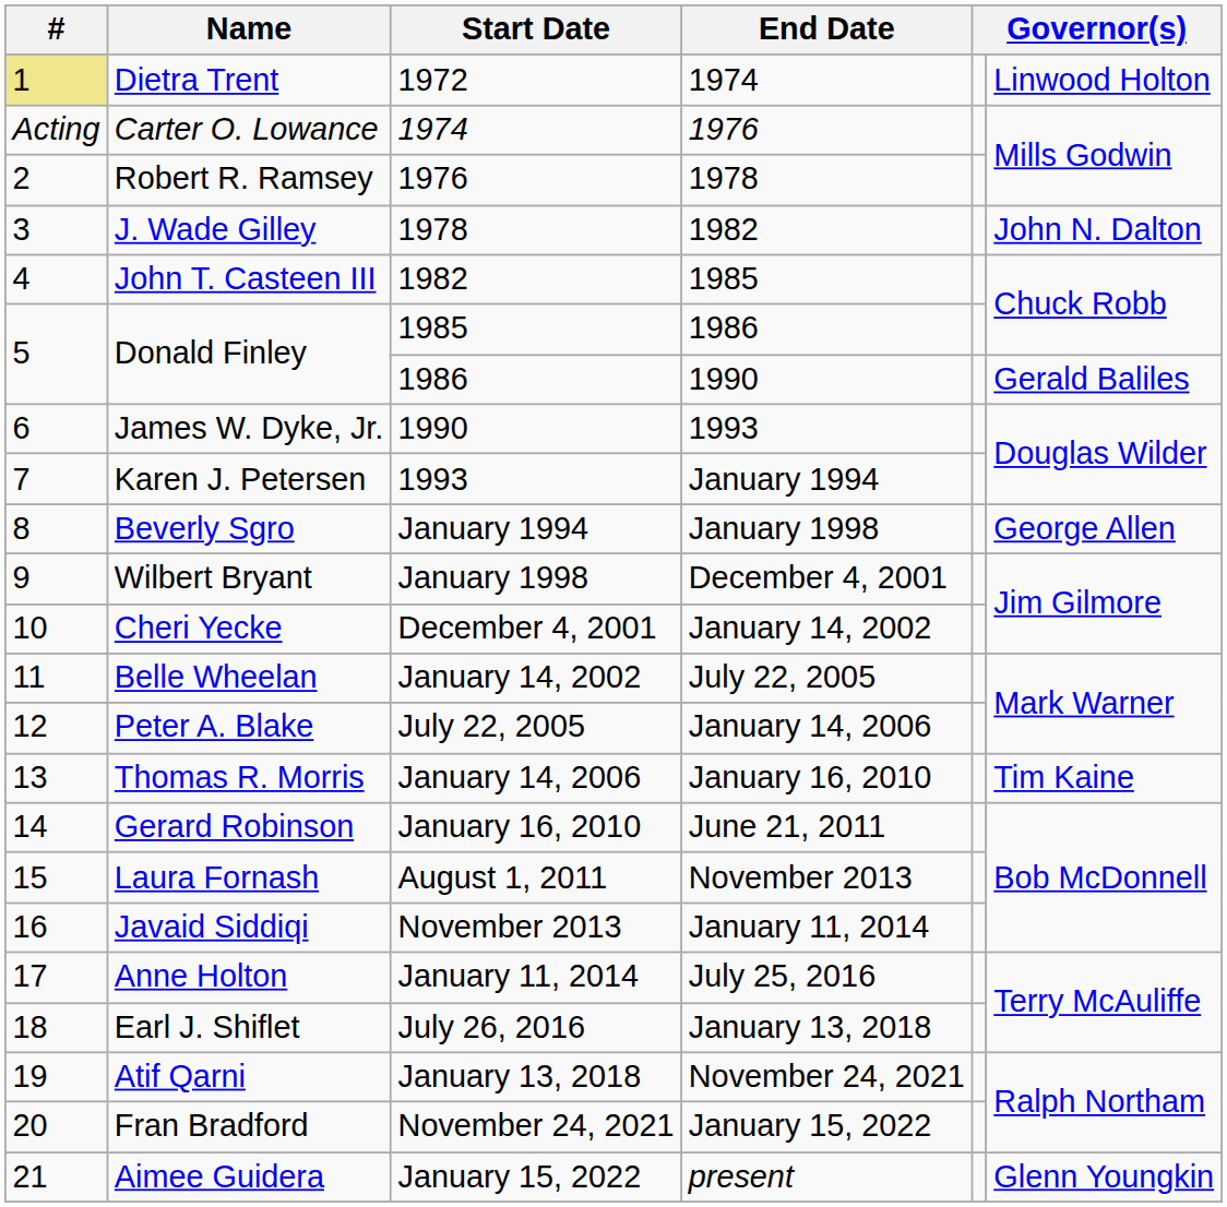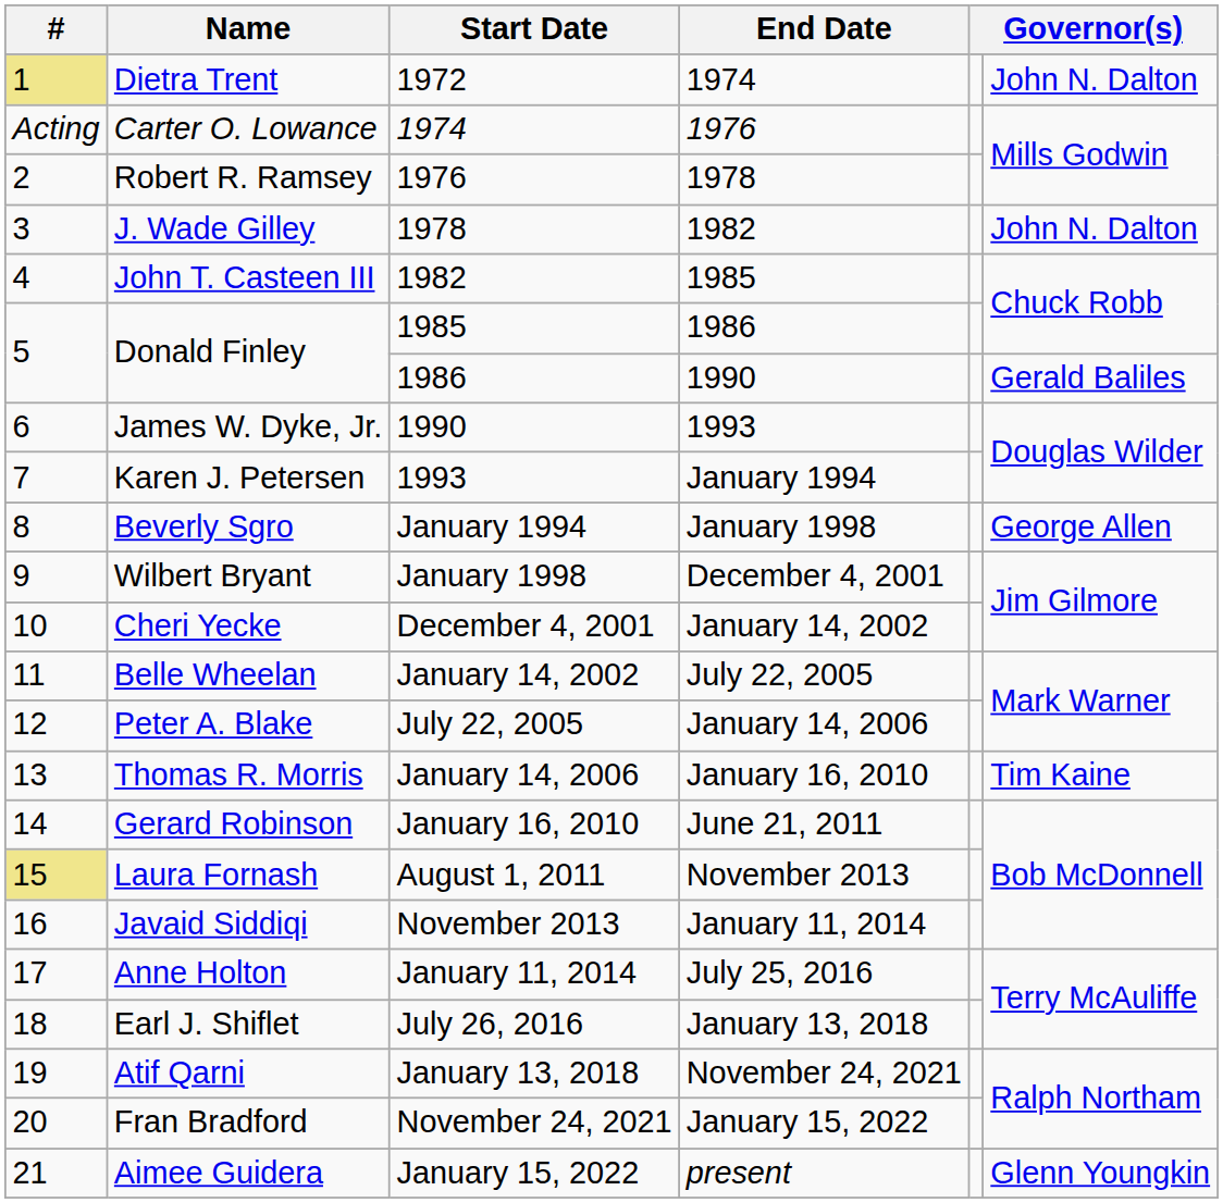 <table class="wikitable">
 <tr>
 <th>#</th>
 <th>Name</th>
 <th>Start Date</th>
 <th>End Date</th>
 <th colspan="2"><a href='#'>Governor(s)</a></th>
 </tr>
 <tr>
 <td style="background: khaki;">1</td>
 <td><a href='#'>Dietra Trent</a></td>
 <td>1972</td>
 <td>1974</td>
 <td style="background: "></td>
-<td><a href='#'>Linwood Holton</a></td>
+<td><a href='#'>John N. Dalton</a></td>
 </tr>
 <tr>
 <td><em>Acting</em></td>
 <td><em>Carter O. Lowance</em></td>
 <td><em>1974</em></td>
 <td><em>1976</em></td>
 <td style="background: "></td>
 <td rowspan="2"><a href='#'>Mills Godwin</a></td>
 </tr>
 <tr>
 <td>2</td>
 <td>Robert R. Ramsey</td>
 <td>1976</td>
 <td>1978</td>
 <td style="background: "></td>
 </tr>
 <tr>
 <td>3</td>
 <td><a href='#'>J. Wade Gilley</a></td>
 <td>1978</td>
 <td>1982</td>
 <td style="background: "></td>
 <td><a href='#'>John N. Dalton</a></td>
 </tr>
 <tr>
 <td>4</td>
 <td><a href='#'>John T. Casteen III</a></td>
 <td>1982</td>
 <td>1985</td>
 <td style="background: "></td>
 <td rowspan="2"><a href='#'>Chuck Robb</a></td>
 </tr>
 <tr>
 <td rowspan="2">5</td>
 <td rowspan="2">Donald Finley</td>
 <td>1985</td>
 <td>1986</td>
 <td style="background: "></td>
 </tr>
 <tr>
 <td>1986</td>
 <td>1990</td>
 <td style="background: "></td>
 <td><a href='#'>Gerald Baliles</a></td>
 </tr>
 <tr>
 <td>6</td>
 <td>James W. Dyke, Jr.</td>
 <td>1990</td>
 <td>1993</td>
 <td style="background: "></td>
 <td rowspan="2"><a href='#'>Douglas Wilder</a></td>
 </tr>
 <tr>
 <td>7</td>
 <td>Karen J. Petersen</td>
 <td>1993</td>
 <td>January 1994</td>
 <td style="background: "></td>
 </tr>
 <tr>
 <td>8</td>
 <td><a href='#'>Beverly Sgro</a></td>
 <td>January 1994</td>
 <td>January 1998</td>
 <td style="background: "></td>
 <td><a href='#'>George Allen</a></td>
 </tr>
 <tr>
 <td>9</td>
 <td>Wilbert Bryant</td>
 <td>January 1998</td>
 <td>December 4, 2001</td>
 <td style="background: "></td>
 <td rowspan="2"><a href='#'>Jim Gilmore</a></td>
 </tr>
 <tr>
 <td>10</td>
 <td><a href='#'>Cheri Yecke</a></td>
 <td>December 4, 2001</td>
 <td>January 14, 2002</td>
 <td style="background: "></td>
 </tr>
 <tr>
 <td>11</td>
 <td><a href='#'>Belle Wheelan</a></td>
 <td>January 14, 2002</td>
 <td>July 22, 2005</td>
 <td style="background: "></td>
 <td rowspan="2"><a href='#'>Mark Warner</a></td>
 </tr>
 <tr>
 <td>12</td>
 <td><a href='#'>Peter A. Blake</a></td>
 <td>July 22, 2005</td>
 <td>January 14, 2006</td>
 <td style="background: "></td>
 </tr>
 <tr>
 <td>13</td>
 <td><a href='#'>Thomas R. Morris</a></td>
 <td>January 14, 2006</td>
 <td>January 16, 2010</td>
 <td style="background: "></td>
 <td><a href='#'>Tim Kaine</a></td>
 </tr>
 <tr>
 <td>14</td>
 <td><a href='#'>Gerard Robinson</a></td>
 <td>January 16, 2010</td>
 <td>June 21, 2011</td>
 <td style="background: "></td>
 <td rowspan="3"><a href='#'>Bob McDonnell</a></td>
 </tr>
 <tr>
-<td>15</td>
+<td style="background: khaki;">15</td>
 <td><a href='#'>Laura Fornash</a></td>
 <td>August 1, 2011</td>
 <td>November 2013</td>
 <td style="background: "></td>
 </tr>
 <tr>
 <td>16</td>
 <td><a href='#'>Javaid Siddiqi</a></td>
 <td>November 2013</td>
 <td>January 11, 2014</td>
 <td style="background: "></td>
 </tr>
 <tr>
 <td>17</td>
 <td><a href='#'>Anne Holton</a></td>
 <td>January 11, 2014</td>
 <td>July 25, 2016</td>
 <td style="background: "></td>
 <td rowspan="2"><a href='#'>Terry McAuliffe</a></td>
 </tr>
 <tr>
 <td>18</td>
 <td>Earl J. Shiflet</td>
 <td>July 26, 2016</td>
 <td>January 13, 2018</td>
 <td style="background: "></td>
 </tr>
 <tr>
 <td>19</td>
 <td><a href='#'>Atif Qarni</a></td>
 <td>January 13, 2018</td>
 <td>November 24, 2021</td>
 <td style="background: "></td>
 <td rowspan="2"><a href='#'>Ralph Northam</a></td>
 </tr>
 <tr>
 <td>20</td>
 <td>Fran Bradford</td>
 <td>November 24, 2021</td>
 <td>January 15, 2022</td>
 <td style="background: "></td>
 </tr>
 <tr>
 <td>21</td>
 <td><a href='#'>Aimee Guidera</a></td>
 <td>January 15, 2022</td>
 <td><em>present</em></td>
 <td style="background: "></td>
 <td><a href='#'>Glenn Youngkin</a></td>
 </tr>
 </table>
